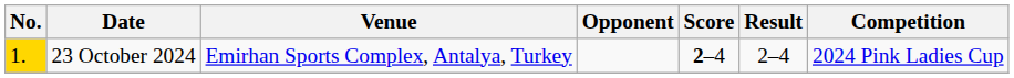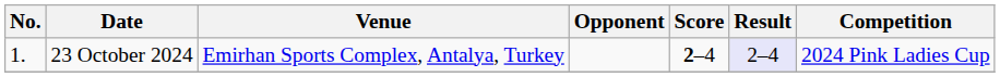 <table class="wikitable">
 <tr>
 <th>No.</th>
 <th>Date</th>
 <th>Venue</th>
 <th>Opponent</th>
 <th>Score</th>
 <th>Result</th>
 <th>Competition</th>
 </tr>
 <tr>
-<td style="background: gold;">1.</td>
+<td>1.</td>
 <td>23 October 2024</td>
 <td><a href='#'>Emirhan Sports Complex</a>, <a href='#'>Antalya</a>, <a href='#'>Turkey</a></td>
 <td></td>
 <td align=center><strong>2</strong>–4</td>
-<td align=center>2–4</td>
+<td align=center style="background: lavender;">2–4</td>
 <td><a href='#'>2024 Pink Ladies Cup</a></td>
 </tr>
 <tr>
 </tr>
 </table>
